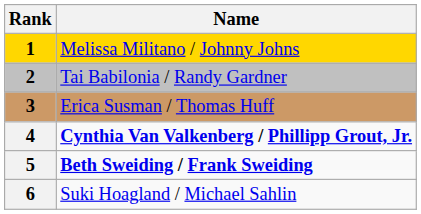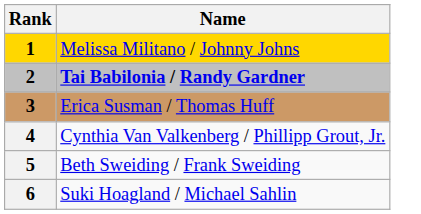 <table class="wikitable">
 <tr>
 <th>Rank</th>
 <th>Name</th>
 </tr>
 <tr bgcolor="gold">
 <td align="center"><strong>1</strong></td>
 <td><a href='#'>Melissa Militano</a> / <a href='#'>Johnny Johns</a></td>
 </tr>
 <tr bgcolor="silver">
 <td align="center"><strong>2</strong></td>
-<td><a href='#'>Tai Babilonia</a> / <a href='#'>Randy Gardner</a></td>
+<td><strong><a href='#'>Tai Babilonia</a> / <a href='#'>Randy Gardner</a></strong></td>
 </tr>
 <tr bgcolor="cc9966">
 <td align="center"><strong>3</strong></td>
 <td><a href='#'>Erica Susman</a> / <a href='#'>Thomas Huff</a></td>
 </tr>
 <tr>
 <th>4</th>
-<td><strong><a href='#'>Cynthia Van Valkenberg</a> / <a href='#'>Phillipp Grout, Jr.</a></strong></td>
+<td><a href='#'>Cynthia Van Valkenberg</a> / <a href='#'>Phillipp Grout, Jr.</a></td>
 </tr>
 <tr>
 <th>5</th>
-<td><strong><a href='#'>Beth Sweiding</a> / <a href='#'>Frank Sweiding</a></strong></td>
+<td><a href='#'>Beth Sweiding</a> / <a href='#'>Frank Sweiding</a></td>
 </tr>
 <tr>
 <th>6</th>
 <td><a href='#'>Suki Hoagland</a> / <a href='#'>Michael Sahlin</a></td>
 </tr>
 </table>
